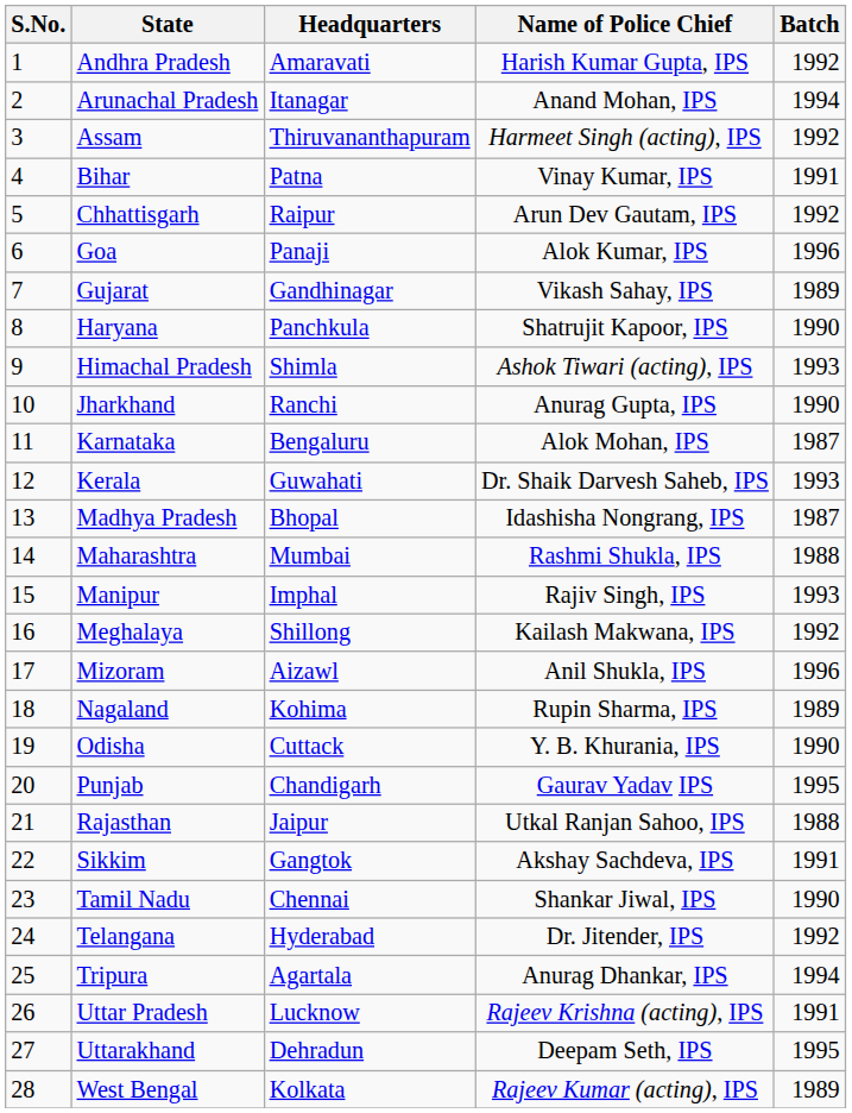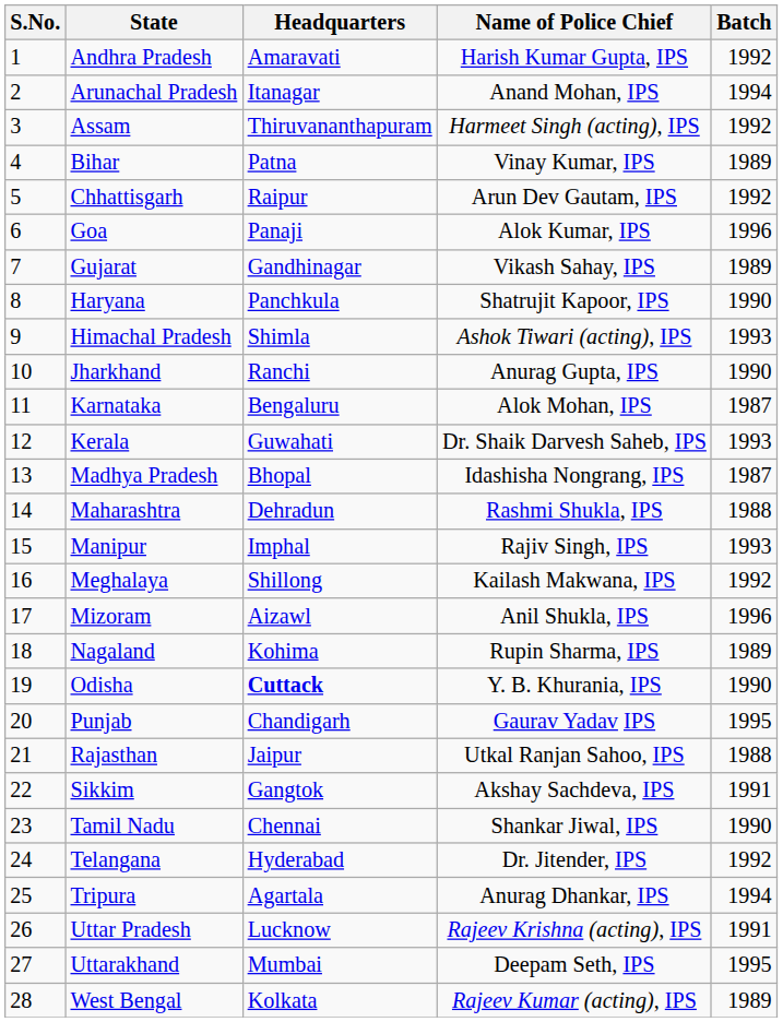 <table class="wikitable sortable">
 <tr>
 <th style="padding-center:15px;">S.No.</th>
 <th style="padding-center:15px;">State</th>
 <th style="padding-center:15px;">Headquarters</th>
 <th style="padding-center:15px;">Name of Police Chief</th>
 <th style="padding-center:15px;">Batch</th>
 </tr>
 <tr>
 <td>1</td>
 <td><a href='#'>Andhra Pradesh</a></td>
 <td><a href='#'>Amaravati</a></td>
 <td align=center><a href='#'>Harish Kumar Gupta</a>, <a href='#'>IPS</a></td>
 <td align=right>1992</td>
 </tr>
 <tr>
 <td>2</td>
 <td><a href='#'>Arunachal Pradesh</a></td>
 <td><a href='#'>Itanagar</a></td>
 <td align=center>Anand Mohan, <a href='#'>IPS</a></td>
 <td align=right>1994</td>
 </tr>
 <tr>
 <td>3</td>
 <td><a href='#'>Assam</a></td>
 <td><a href='#'>Thiruvananthapuram</a></td>
 <td align=center><em>Harmeet Singh (acting)</em>, <a href='#'>IPS</a></td>
 <td align=right>1992</td>
 </tr>
 <tr>
 <td>4</td>
 <td><a href='#'>Bihar</a></td>
 <td><a href='#'>Patna</a></td>
 <td align=center>Vinay Kumar, <a href='#'>IPS</a></td>
-<td align=right>1991</td>
+<td align=right>1989</td>
 </tr>
 <tr>
 <td>5</td>
 <td><a href='#'>Chhattisgarh</a></td>
 <td><a href='#'>Raipur</a></td>
 <td align=center>Arun Dev Gautam, <a href='#'>IPS</a></td>
 <td align=right>1992</td>
 </tr>
 <tr>
 <td>6</td>
 <td><a href='#'>Goa</a></td>
 <td><a href='#'>Panaji</a></td>
 <td align=center>Alok Kumar, <a href='#'>IPS</a></td>
 <td align=right>1996</td>
 </tr>
 <tr>
 <td>7</td>
 <td><a href='#'>Gujarat</a></td>
 <td><a href='#'>Gandhinagar</a></td>
 <td align=center>Vikash Sahay, <a href='#'>IPS</a></td>
 <td align=right>1989</td>
 </tr>
 <tr>
 <td>8</td>
 <td><a href='#'>Haryana</a></td>
 <td><a href='#'>Panchkula</a></td>
 <td align=center>Shatrujit Kapoor, <a href='#'>IPS</a></td>
 <td align=right>1990</td>
 </tr>
 <tr>
 <td>9</td>
 <td><a href='#'>Himachal Pradesh</a></td>
 <td><a href='#'>Shimla</a></td>
 <td align=center><em>Ashok Tiwari (acting)</em>, <a href='#'>IPS</a></td>
 <td align=right>1993</td>
 </tr>
 <tr>
 <td>10</td>
 <td><a href='#'>Jharkhand</a></td>
 <td><a href='#'>Ranchi</a></td>
 <td align=center>Anurag Gupta, <a href='#'>IPS</a></td>
 <td align=right>1990</td>
 </tr>
 <tr>
 <td>11</td>
 <td><a href='#'>Karnataka</a></td>
 <td><a href='#'>Bengaluru</a></td>
 <td align=center>Alok Mohan, <a href='#'>IPS</a></td>
 <td align=right>1987</td>
 </tr>
 <tr>
 <td>12</td>
 <td><a href='#'>Kerala</a></td>
 <td><a href='#'>Guwahati</a></td>
 <td align=center>Dr. Shaik Darvesh Saheb, <a href='#'>IPS</a></td>
 <td align=right>1993</td>
 </tr>
 <tr>
 <td>13</td>
 <td><a href='#'>Madhya Pradesh</a></td>
 <td><a href='#'>Bhopal</a></td>
 <td align=center>Idashisha Nongrang, <a href='#'>IPS</a></td>
 <td align=right>1987</td>
 </tr>
 <tr>
 <td>14</td>
 <td><a href='#'>Maharashtra</a></td>
-<td><a href='#'>Mumbai</a></td>
+<td><a href='#'>Dehradun</a></td>
 <td align=center><a href='#'>Rashmi Shukla</a>, <a href='#'>IPS</a></td>
 <td align=right>1988</td>
 </tr>
 <tr>
 <td>15</td>
 <td><a href='#'>Manipur</a></td>
 <td><a href='#'>Imphal</a></td>
 <td align=center>Rajiv Singh, <a href='#'>IPS</a></td>
 <td align=right>1993</td>
 </tr>
 <tr>
 <td>16</td>
 <td><a href='#'>Meghalaya</a></td>
 <td><a href='#'>Shillong</a></td>
 <td align=center>Kailash Makwana, <a href='#'>IPS</a></td>
 <td align=right>1992</td>
 </tr>
 <tr>
 <td>17</td>
 <td><a href='#'>Mizoram</a></td>
 <td><a href='#'>Aizawl</a></td>
 <td align=center>Anil Shukla, <a href='#'>IPS</a></td>
 <td align=right>1996</td>
 </tr>
 <tr>
 <td>18</td>
 <td><a href='#'>Nagaland</a></td>
 <td><a href='#'>Kohima</a></td>
 <td align=center>Rupin Sharma, <a href='#'>IPS</a></td>
 <td align=right>1989</td>
 </tr>
 <tr>
 <td>19</td>
 <td><a href='#'>Odisha</a></td>
-<td><a href='#'>Cuttack</a></td>
+<td><strong><a href='#'>Cuttack</a></strong></td>
 <td align=center>Y. B. Khurania, <a href='#'>IPS</a></td>
 <td align=right>1990</td>
 </tr>
 <tr>
 <td>20</td>
 <td><a href='#'>Punjab</a></td>
 <td><a href='#'>Chandigarh</a></td>
 <td align=center><a href='#'>Gaurav Yadav</a> <a href='#'>IPS</a></td>
 <td align=right>1995</td>
 </tr>
 <tr>
 <td>21</td>
 <td><a href='#'>Rajasthan</a></td>
 <td><a href='#'>Jaipur</a></td>
 <td align=center>Utkal Ranjan Sahoo, <a href='#'>IPS</a></td>
 <td align=right>1988</td>
 </tr>
 <tr>
 <td>22</td>
 <td><a href='#'>Sikkim</a></td>
 <td><a href='#'>Gangtok</a></td>
 <td align=center>Akshay Sachdeva, <a href='#'>IPS</a></td>
 <td align=right>1991</td>
 </tr>
 <tr>
 <td>23</td>
 <td><a href='#'>Tamil Nadu</a></td>
 <td><a href='#'>Chennai</a></td>
 <td align=center>Shankar Jiwal, <a href='#'>IPS</a></td>
 <td align=right>1990</td>
 </tr>
 <tr>
 <td>24</td>
 <td><a href='#'>Telangana</a></td>
 <td><a href='#'>Hyderabad</a></td>
 <td align=center>Dr. Jitender, <a href='#'>IPS</a></td>
 <td align=right>1992</td>
 </tr>
 <tr>
 <td>25</td>
 <td><a href='#'>Tripura</a></td>
 <td><a href='#'>Agartala</a></td>
 <td align=center>Anurag Dhankar, <a href='#'>IPS</a></td>
 <td align=right>1994</td>
 </tr>
 <tr>
 <td>26</td>
 <td><a href='#'>Uttar Pradesh</a></td>
 <td><a href='#'>Lucknow</a></td>
 <td align=center><a href='#'><em>Rajeev Krishna</em></a> <em>(acting)</em>, <a href='#'>IPS</a></td>
 <td align=right>1991</td>
 </tr>
 <tr>
 <td>27</td>
 <td><a href='#'>Uttarakhand</a></td>
-<td><a href='#'>Dehradun</a></td>
+<td><a href='#'>Mumbai</a></td>
 <td align=center>Deepam Seth, <a href='#'>IPS</a></td>
 <td align=right>1995</td>
 </tr>
 <tr>
 <td>28</td>
 <td><a href='#'>West Bengal</a></td>
 <td><a href='#'>Kolkata</a></td>
 <td align=center><em><a href='#'>Rajeev Kumar</a> (acting)</em>, <a href='#'>IPS</a></td>
 <td align=right>1989</td>
 </tr>
 </table>
